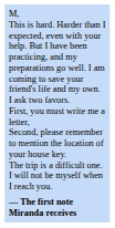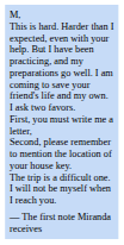 <table class="toccolours" style="float: right; margin-left: 1em; margin-right: .5em; font-size: 85%; background:#c6dbf7; color:black; width:20em; max-width: 25%;" cellspacing="5">
 <tr>
 <td style="text-align: left;">M,<br>This is hard. Harder than I expected, even with your help. But I have been practicing, and my preparations go well. I am coming to save your friend's life and my own.<br>I ask two favors.<br>First, you must write me a letter,<br>Second, please remember to mention the location of your house key.<br>The trip is a difficult one. I will not be myself when I reach you.</td>
 </tr>
 <tr>
-<td style="text-align: left;"><strong>— The first note Miranda receives</strong></td>
+<td style="text-align: left;">— The first note Miranda receives</td>
 </tr>
 </table>
